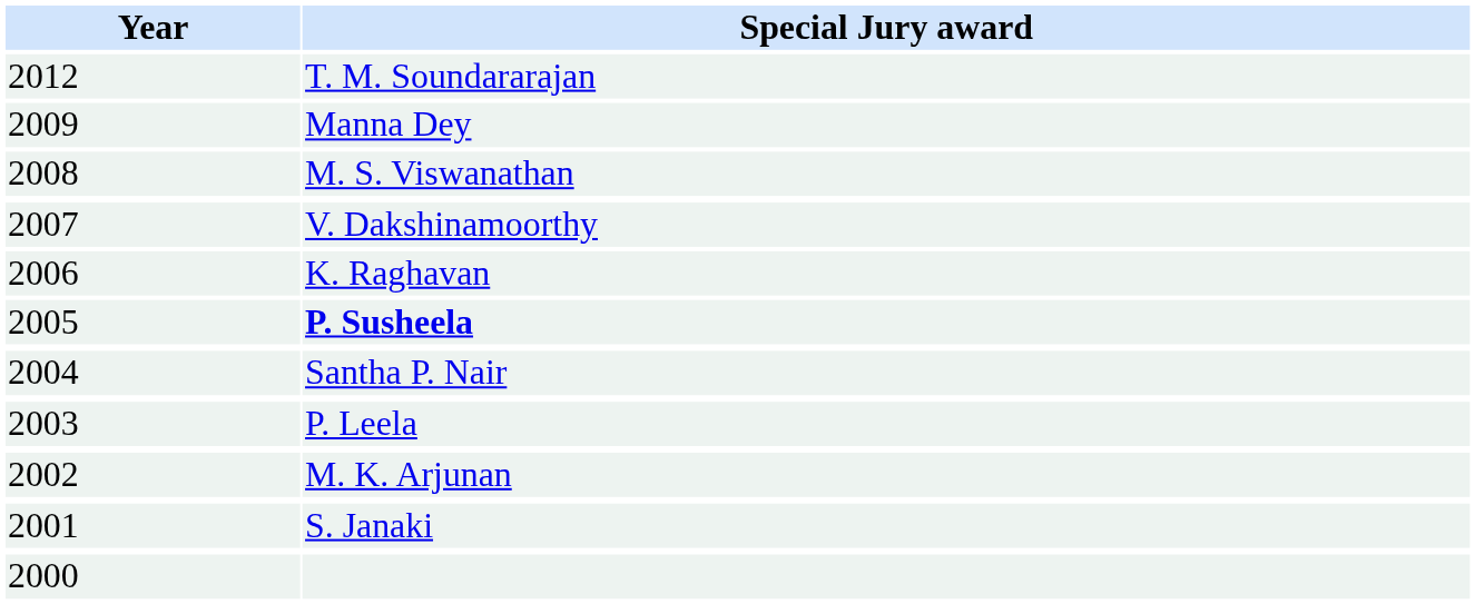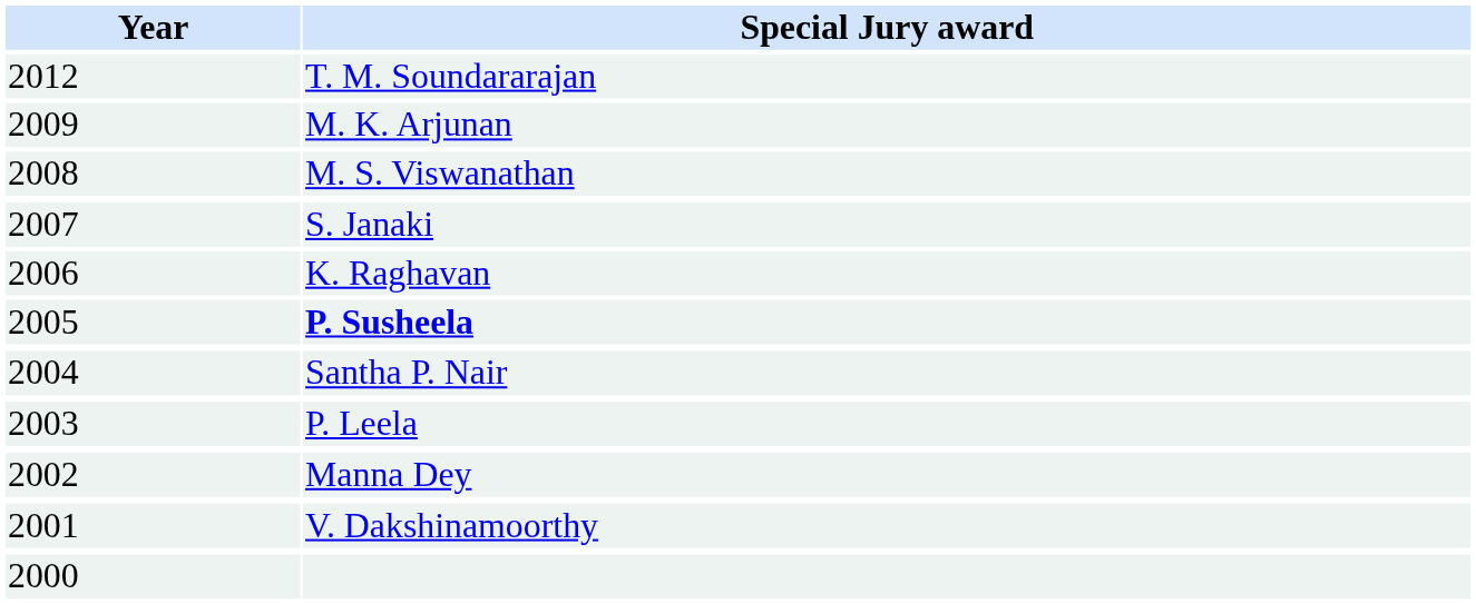 <table cellspacing="1" cellpadding="1" border="0" width="75%">
 <tr bgcolor="#d1e4fc">
 <th>Year</th>
 <th>Special Jury award</th>
 </tr>
 <tr>
 </tr>
 <tr bgcolor=#edf3fk>
 <td>2012</td>
 <td><a href='#'>T. M. Soundararajan</a></td>
 </tr>
 <tr>
 </tr>
 <tr bgcolor=#edf3fk>
 <td>2009</td>
-<td><a href='#'>Manna Dey</a></td>
+<td><a href='#'>M. K. Arjunan</a></td>
 </tr>
 <tr>
 </tr>
 <tr bgcolor=#edf3fk>
 <td>2008</td>
 <td><a href='#'>M. S. Viswanathan</a></td>
 </tr>
 <tr>
 </tr>
 <tr>
 </tr>
 <tr bgcolor=#edf3fk>
 <td>2007</td>
-<td><a href='#'>V. Dakshinamoorthy</a></td>
+<td><a href='#'>S. Janaki</a></td>
 </tr>
 <tr>
 </tr>
 <tr bgcolor=#edf3fk>
 <td>2006</td>
 <td><a href='#'>K. Raghavan</a></td>
 </tr>
 <tr>
 </tr>
 <tr bgcolor=#edf3fk>
 <td>2005</td>
 <td><strong><a href='#'>P. Susheela</a></strong></td>
 </tr>
 <tr>
 </tr>
 <tr>
 </tr>
 <tr bgcolor=#edf3fk>
 <td>2004</td>
 <td><a href='#'>Santha P. Nair</a></td>
 </tr>
 <tr>
 </tr>
 <tr>
 </tr>
 <tr bgcolor=#edf3fk>
 <td>2003</td>
 <td><a href='#'>P. Leela</a></td>
 </tr>
 <tr>
 </tr>
 <tr>
 </tr>
 <tr bgcolor=#edf3fk>
 <td>2002</td>
-<td><a href='#'>M. K. Arjunan</a></td>
+<td><a href='#'>Manna Dey</a></td>
 </tr>
 <tr>
 </tr>
 <tr>
 </tr>
 <tr bgcolor=#edf3fk>
 <td>2001</td>
-<td><a href='#'>S. Janaki</a></td>
+<td><a href='#'>V. Dakshinamoorthy</a></td>
 </tr>
 <tr>
 </tr>
 <tr>
 </tr>
 <tr bgcolor=#edf3fk>
 <td>2000</td>
 <td></td>
 </tr>
 </table>
